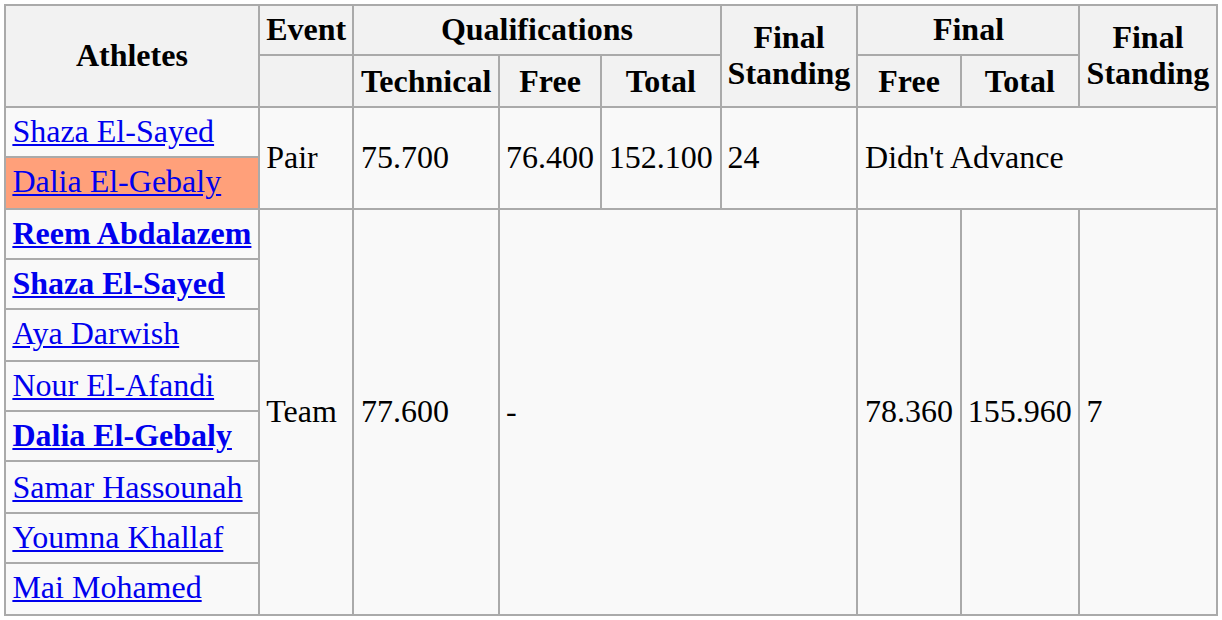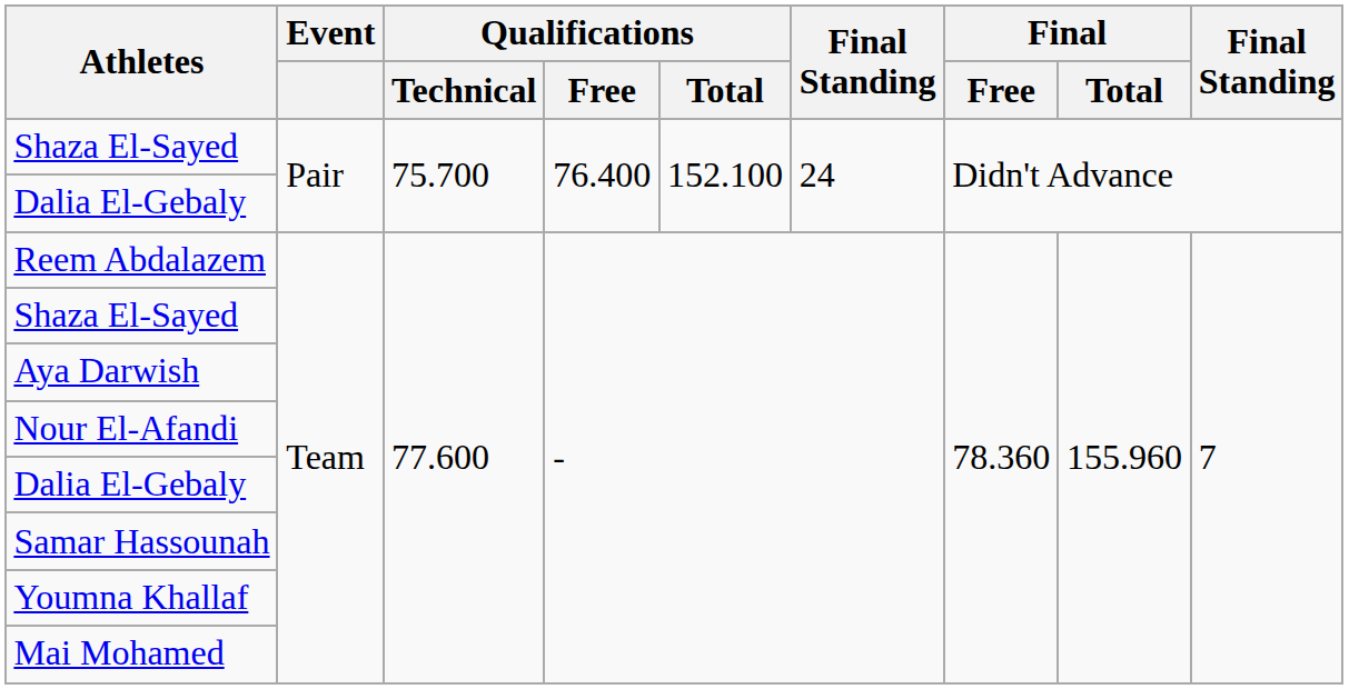 <table class="wikitable">
 <tr>
 <th rowspan="2">Athletes</th>
 <th>Event</th>
 <th colspan="3">Qualifications</th>
 <th rowspan="2">Final<br>Standing</th>
 <th colspan="2">Final</th>
 <th rowspan="2">Final<br>Standing</th>
 </tr>
 <tr>
 <th></th>
 <th>Technical</th>
 <th>Free</th>
 <th>Total</th>
 <th>Free</th>
 <th>Total</th>
 </tr>
 <tr>
 <td><a href='#'>Shaza El-Sayed</a></td>
 <td rowspan="2">Pair</td>
 <td rowspan="2">75.700</td>
 <td rowspan="2">76.400</td>
 <td rowspan="2">152.100</td>
 <td rowspan="2">24</td>
 <td colspan="3" rowspan="2">Didn't Advance</td>
 </tr>
 <tr>
-<td style="background: lightsalmon;"><a href='#'>Dalia El-Gebaly</a></td>
+<td><a href='#'>Dalia El-Gebaly</a></td>
 </tr>
 <tr>
-<td><strong><a href='#'>Reem Abdalazem</a></strong></td>
+<td><a href='#'>Reem Abdalazem</a></td>
 <td rowspan="8">Team</td>
 <td rowspan="8">77.600</td>
 <td colspan="3" rowspan="8">-</td>
 <td rowspan="8">78.360</td>
 <td rowspan="8">155.960</td>
 <td rowspan="8">7</td>
 </tr>
 <tr>
-<td><strong><a href='#'>Shaza El-Sayed</a></strong></td>
+<td><a href='#'>Shaza El-Sayed</a></td>
 </tr>
 <tr>
 <td><a href='#'>Aya Darwish</a></td>
 </tr>
 <tr>
 <td><a href='#'>Nour El-Afandi</a></td>
 </tr>
 <tr>
-<td><strong><a href='#'>Dalia El-Gebaly</a></strong></td>
+<td><a href='#'>Dalia El-Gebaly</a></td>
 </tr>
 <tr>
 <td><a href='#'>Samar Hassounah</a></td>
 </tr>
 <tr>
 <td><a href='#'>Youmna Khallaf</a></td>
 </tr>
 <tr>
 <td><a href='#'>Mai Mohamed</a></td>
 </tr>
 </table>
